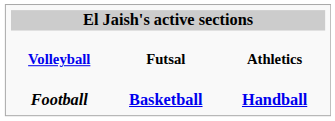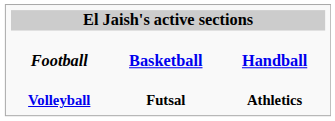 <table class="infobox" style="width: 20em; font-size: 95%em;align: center">
 <tr bgcolor="#cccccc" style="text-align: center">
 <th colspan="3">El Jaish's active sections</th>
+</tr>
+<tr style="text-align: center">
+<td><br><strong><em>Football</em></strong></td>
+<td><br><strong><a href='#'>Basketball</a></strong></td>
+<td><br><strong><a href='#'>Handball</a></strong></td>
 </tr>
 <tr style="font-size: 90%; text-align: center">
 <td><br><strong><a href='#'>Volleyball</a></strong></td>
 <td><br><strong>Futsal</strong></td>
 <td><br><strong>Athletics</strong></td>
 </tr>
-<tr style="text-align: center">
-<td><br><strong><em>Football</em></strong></td>
-<td><br><strong><a href='#'>Basketball</a></strong></td>
-<td><br><strong><a href='#'>Handball</a></strong></td>
-</tr>
 </table>
